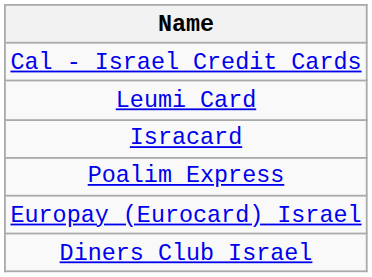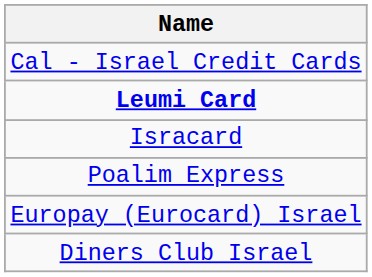 <table class="wikitable sortable">
 <tr valign="middle">
 <th>Name</th>
 </tr>
 <tr valign="middle">
 <td align=center><a href='#'>Cal - Israel Credit Cards</a></td>
 </tr>
 <tr valign="middle">
-<td align=center><a href='#'>Leumi Card</a></td>
+<td align=center><strong><a href='#'>Leumi Card</a></strong></td>
 </tr>
 <tr valign="middle">
 <td align=center><a href='#'>Isracard</a></td>
 </tr>
 <tr valign="middle">
 <td align=center><a href='#'>Poalim Express</a></td>
 </tr>
 <tr valign="middle">
 <td align=center><a href='#'>Europay (Eurocard) Israel</a></td>
 </tr>
 <tr valign="middle">
 <td align=center><a href='#'>Diners Club Israel</a></td>
 </tr>
 </table>
